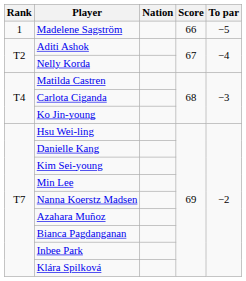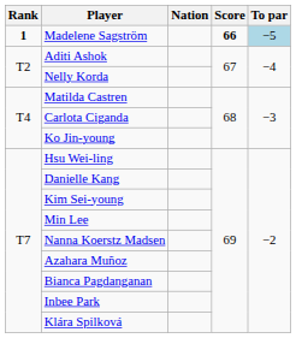 <table class="wikitable">
 <tr>
 <th>Rank</th>
 <th>Player</th>
 <th>Nation</th>
 <th>Score</th>
 <th>To par</th>
 </tr>
 <tr>
-<td align=center>1</td>
+<td align=center><strong>1</strong></td>
 <td><a href='#'>Madelene Sagström</a></td>
 <td></td>
-<td align=center>66</td>
-<td align=center>−5</td>
+<td align=center><strong>66</strong></td>
+<td align=center style="background: lightblue;">−5</td>
 </tr>
 <tr>
 <td align=center rowspan=2>T2</td>
 <td><a href='#'>Aditi Ashok</a></td>
 <td></td>
 <td align=center rowspan=2>67</td>
 <td align=center rowspan=2>−4</td>
 </tr>
 <tr>
 <td><a href='#'>Nelly Korda</a></td>
 <td></td>
 </tr>
 <tr>
 <td align=center rowspan=3>T4</td>
 <td><a href='#'>Matilda Castren</a></td>
 <td></td>
 <td align=center rowspan=3>68</td>
 <td align=center rowspan=3>−3</td>
 </tr>
 <tr>
 <td><a href='#'>Carlota Ciganda</a></td>
 <td></td>
 </tr>
 <tr>
 <td><a href='#'>Ko Jin-young</a></td>
 <td></td>
 </tr>
 <tr>
 <td align=center rowspan=9>T7</td>
 <td><a href='#'>Hsu Wei-ling</a></td>
 <td></td>
 <td align=center rowspan=9>69</td>
 <td align=center rowspan=9>−2</td>
 </tr>
 <tr>
 <td><a href='#'>Danielle Kang</a></td>
 <td></td>
 </tr>
 <tr>
 <td><a href='#'>Kim Sei-young</a></td>
 <td></td>
 </tr>
 <tr>
 <td><a href='#'>Min Lee</a></td>
 <td></td>
 </tr>
 <tr>
 <td><a href='#'>Nanna Koerstz Madsen</a></td>
 <td></td>
 </tr>
 <tr>
 <td><a href='#'>Azahara Muñoz</a></td>
 <td></td>
 </tr>
 <tr>
 <td><a href='#'>Bianca Pagdanganan</a></td>
 <td></td>
 </tr>
 <tr>
 <td><a href='#'>Inbee Park</a></td>
 <td></td>
 </tr>
 <tr>
 <td><a href='#'>Klára Spilková</a></td>
 <td></td>
 </tr>
 </table>
